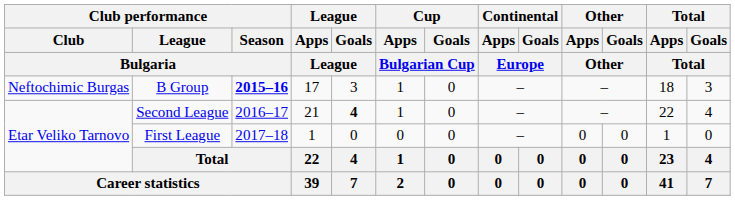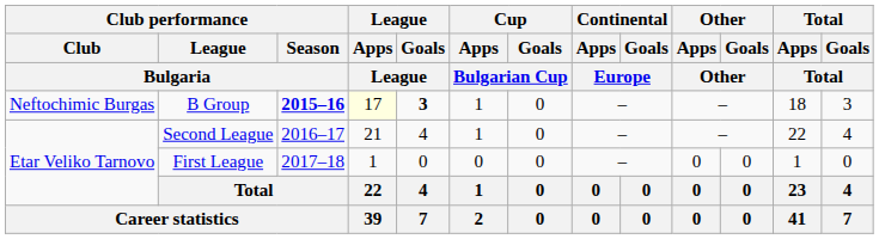 <table class="wikitable" style="text-align: center">
 <tr>
 <th Colspan="3">Club performance</th>
 <th Colspan="2">League</th>
 <th Colspan="2">Cup</th>
 <th Colspan="2">Continental</th>
 <th Colspan="2">Other</th>
 <th Colspan="3">Total</th>
 </tr>
 <tr>
 <th>Club</th>
 <th>League</th>
 <th>Season</th>
 <th>Apps</th>
 <th>Goals</th>
 <th>Apps</th>
 <th>Goals</th>
 <th>Apps</th>
 <th>Goals</th>
 <th>Apps</th>
 <th>Goals</th>
 <th>Apps</th>
 <th>Goals</th>
 </tr>
 <tr>
 <th Colspan="3">Bulgaria</th>
 <th Colspan="2">League</th>
 <th Colspan="2"><a href='#'>Bulgarian Cup</a></th>
 <th Colspan="2"><a href='#'>Europe</a></th>
 <th Colspan="2">Other</th>
 <th Colspan="2">Total</th>
 </tr>
 <tr>
 <td rowspan="1" valign="center"><a href='#'>Neftochimic Burgas</a></td>
 <td rowspan="1"><a href='#'>B Group</a></td>
 <td><strong><a href='#'>2015–16</a></strong></td>
-<td>17</td>
-<td>3</td>
+<td style="background: lightyellow;">17</td>
+<td><strong>3</strong></td>
 <td>1</td>
 <td>0</td>
 <td colspan="2">–</td>
 <td colspan="2">–</td>
 <td>18</td>
 <td>3</td>
 </tr>
 <tr>
 <td rowspan="3" valign="center"><a href='#'>Etar Veliko Tarnovo</a></td>
 <td rowspan="1"><a href='#'>Second League</a></td>
 <td><a href='#'>2016–17</a></td>
 <td>21</td>
-<td><strong>4</strong></td>
+<td>4</td>
 <td>1</td>
 <td>0</td>
 <td colspan="2">–</td>
 <td colspan="2">–</td>
 <td>22</td>
 <td>4</td>
 </tr>
 <tr>
 <td rowspan="1"><a href='#'>First League</a></td>
 <td><a href='#'>2017–18</a></td>
 <td>1</td>
 <td>0</td>
 <td>0</td>
 <td>0</td>
 <td colspan="2">–</td>
 <td>0</td>
 <td>0</td>
 <td>1</td>
 <td>0</td>
 </tr>
 <tr>
 <th colspan=2>Total</th>
 <th>22</th>
 <th>4</th>
 <th>1</th>
 <th>0</th>
 <th>0</th>
 <th>0</th>
 <th>0</th>
 <th>0</th>
 <th>23</th>
 <th>4</th>
 </tr>
 <tr>
 <th colspan="3">Career statistics</th>
 <th>39</th>
 <th>7</th>
 <th>2</th>
 <th>0</th>
 <th>0</th>
 <th>0</th>
 <th>0</th>
 <th>0</th>
 <th>41</th>
 <th>7</th>
 </tr>
 </table>
